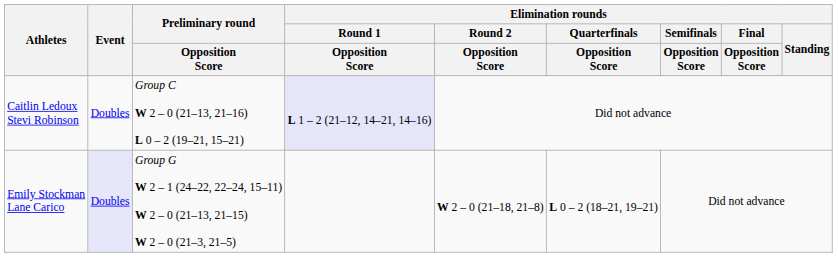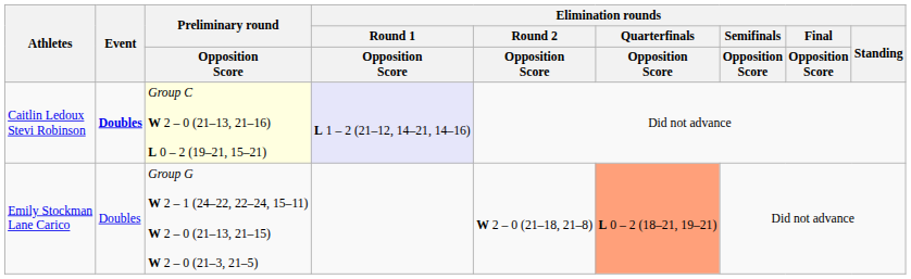 <table class="wikitable" border="1" style="font-size:90%">
 <tr>
 <th rowspan=3>Athletes</th>
 <th rowspan=3>Event</th>
 <th rowspan=2>Preliminary round</th>
 <th colspan=6>Elimination rounds</th>
 </tr>
 <tr>
 <th>Round 1</th>
 <th>Round 2</th>
 <th>Quarterfinals</th>
 <th>Semifinals</th>
 <th>Final</th>
 <th rowspan=2>Standing</th>
 </tr>
 <tr>
 <th>Opposition <br> Score</th>
 <th>Opposition <br> Score</th>
 <th>Opposition <br> Score</th>
 <th>Opposition <br> Score</th>
 <th>Opposition <br> Score</th>
 <th>Opposition <br> Score</th>
 </tr>
 <tr>
 <td><a href='#'>Caitlin Ledoux</a> <br> <a href='#'>Stevi Robinson</a></td>
-<td><a href='#'>Doubles</a></td>
-<td><em>Group C</em><br><br><strong>W</strong> 2 – 0 (21–13, 21–16)<br><br><strong>L</strong> 0 – 2 (19–21, 15–21)</td>
+<td><strong><a href='#'>Doubles</a></strong></td>
+<td style="background: lightyellow;"><em>Group C</em><br><br><strong>W</strong> 2 – 0 (21–13, 21–16)<br><br><strong>L</strong> 0 – 2 (19–21, 15–21)</td>
 <td style="background: lavender;"><br><strong>L</strong> 1 – 2 (21–12, 14–21, 14–16)</td>
 <td colspan=5 align=center>Did not advance</td>
 </tr>
 <tr>
 <td><a href='#'>Emily Stockman</a> <br> <a href='#'>Lane Carico</a></td>
-<td style="background: lavender;"><a href='#'>Doubles</a></td>
+<td><a href='#'>Doubles</a></td>
 <td><em>Group G</em><br><br><strong>W</strong> 2 – 1 (24–22, 22–24, 15–11)<br><br><strong>W</strong> 2 – 0 (21–13, 21–15)<br><br><strong>W</strong> 2 – 0 (21–3, 21–5)</td>
 <td></td>
 <td><br><strong>W</strong> 2 – 0 (21–18, 21–8)</td>
-<td><br><strong>L</strong> 0 – 2 (18–21, 19–21)</td>
+<td style="background: lightsalmon;"><br><strong>L</strong> 0 – 2 (18–21, 19–21)</td>
 <td colspan=3 align=center>Did not advance</td>
 </tr>
 </table>
